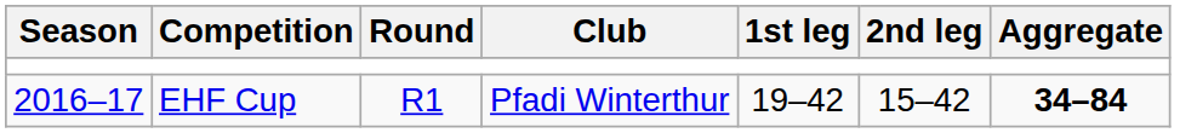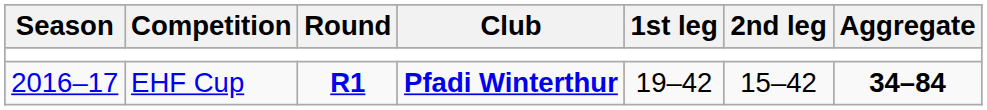 <table class="wikitable">
 <tr>
 <th>Season</th>
 <th>Competition</th>
 <th>Round</th>
 <th>Club</th>
 <th>1st leg</th>
 <th>2nd leg</th>
 <th>Aggregate</th>
 </tr>
 <tr>
 <td colspan="7" bgcolor=white></td>
 </tr>
 <tr>
 <td><a href='#'>2016–17</a></td>
 <td><a href='#'>EHF Cup</a></td>
-<td style="text-align:center;"><a href='#'>R1</a></td>
-<td> <a href='#'>Pfadi Winterthur</a></td>
+<td style="text-align:center;"><strong><a href='#'>R1</a></strong></td>
+<td><strong> <a href='#'>Pfadi Winterthur</a></strong></td>
 <td style="text-align:center;">19–42</td>
 <td style="text-align:center;">15–42</td>
 <td style="text-align:center;"><strong>34–84</strong></td>
 </tr>
 </table>
